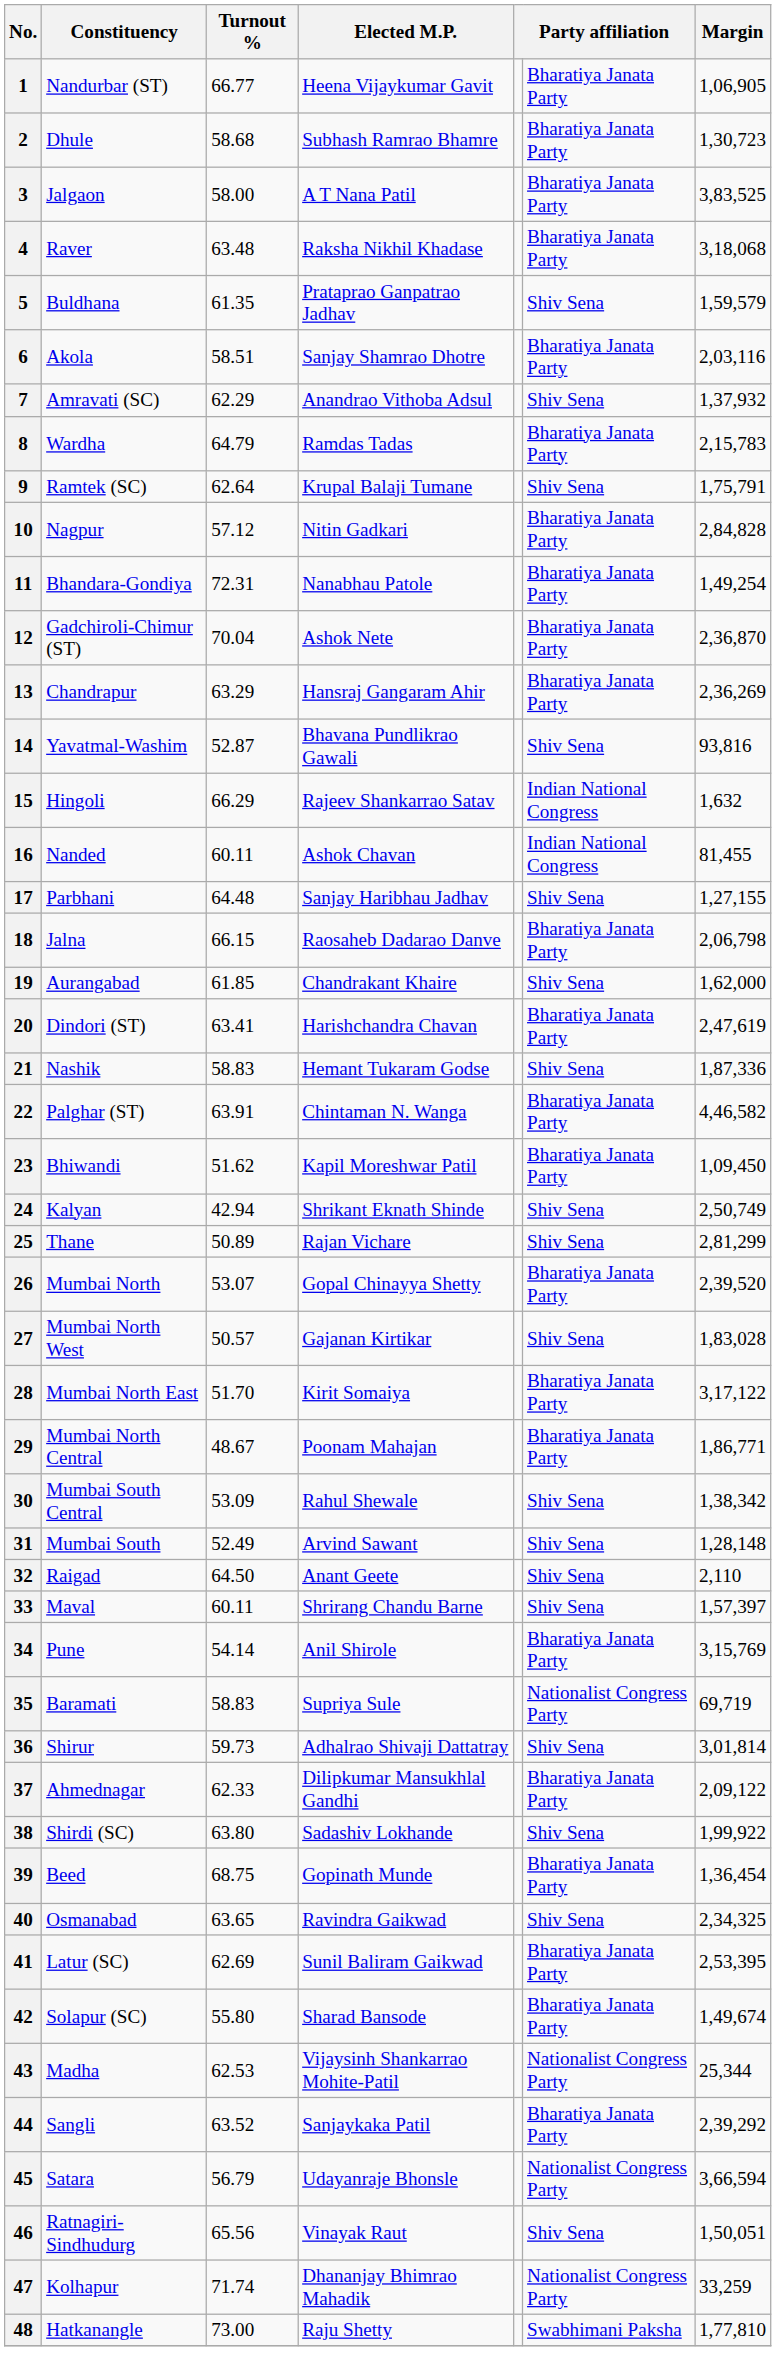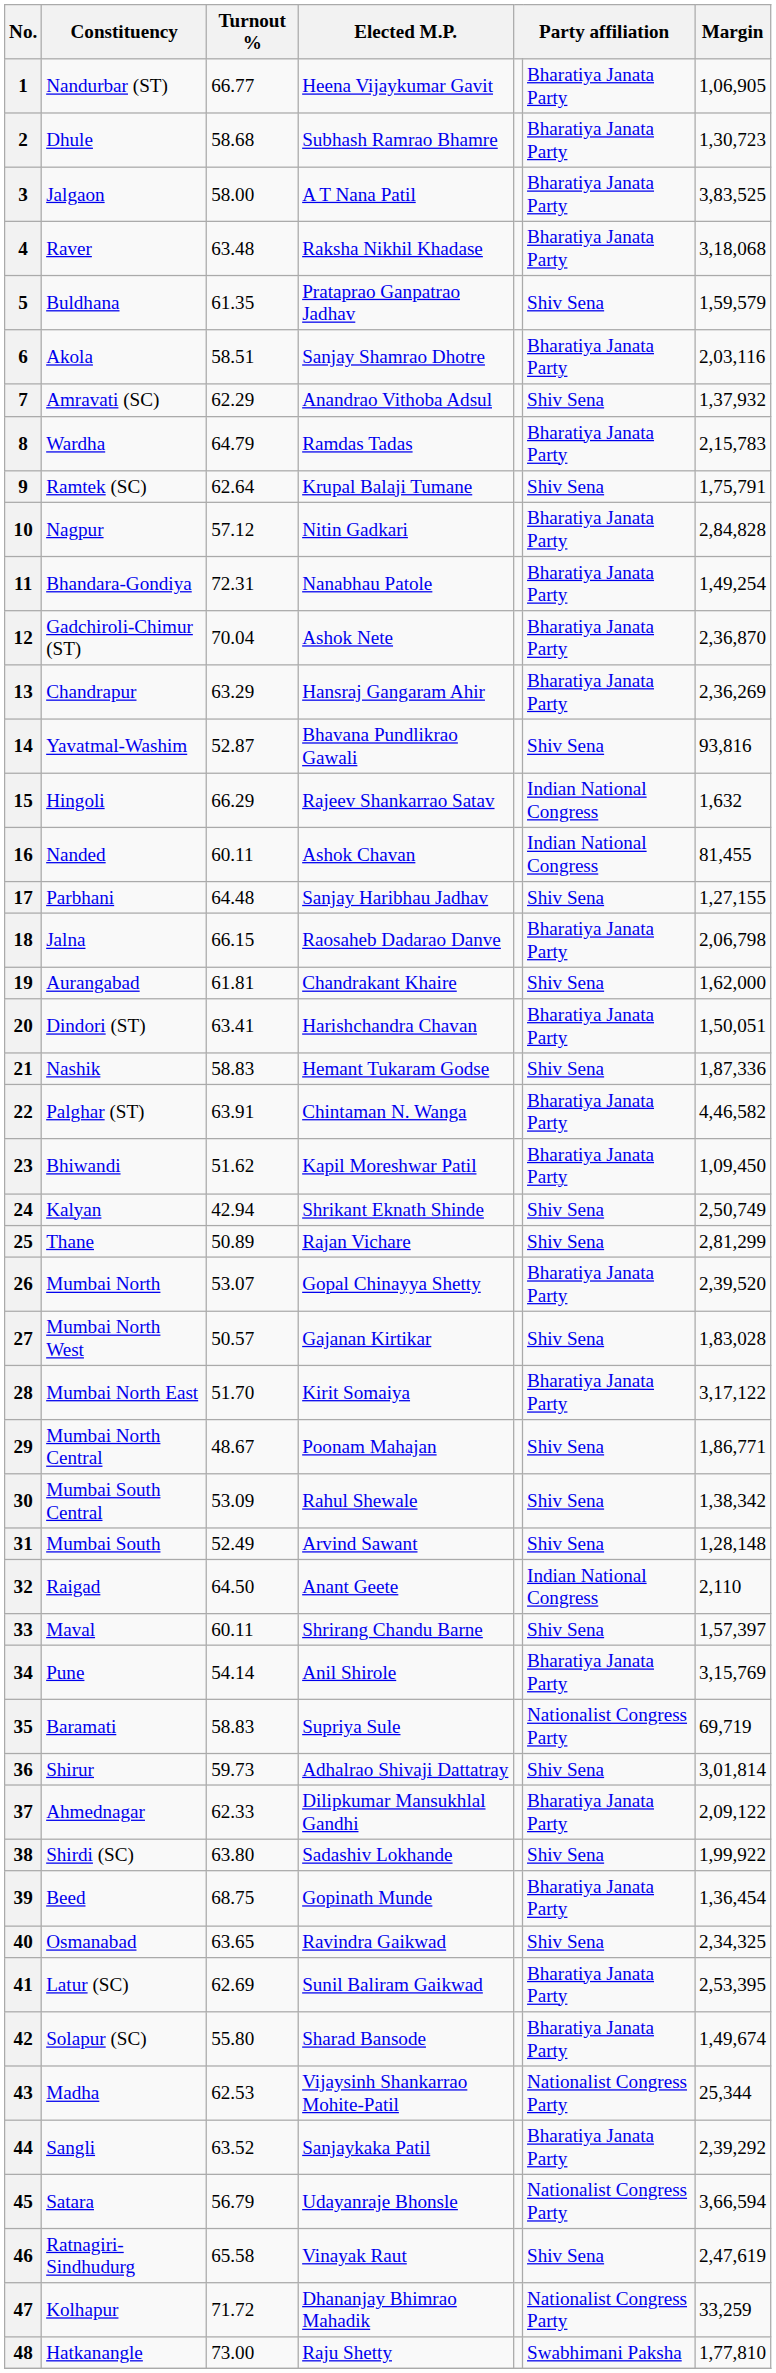 <table class="sortable wikitable" style="font-size: 95%;">
 <tr>
 <th>No.</th>
 <th>Constituency</th>
 <th>Turnout %</th>
 <th>Elected M.P.</th>
 <th colspan="2">Party affiliation</th>
 <th>Margin</th>
 </tr>
 <tr>
 <th>1</th>
 <td><a href='#'>Nandurbar</a> (ST)</td>
 <td>66.77 </td>
 <td><a href='#'>Heena Vijaykumar Gavit</a></td>
 <td style="background-color:"></td>
 <td><a href='#'>Bharatiya Janata Party</a></td>
 <td>1,06,905</td>
 </tr>
 <tr>
 <th>2</th>
 <td><a href='#'>Dhule</a></td>
 <td>58.68 </td>
 <td><a href='#'>Subhash Ramrao Bhamre</a></td>
 <td style="background-color:"></td>
 <td><a href='#'>Bharatiya Janata Party</a></td>
 <td>1,30,723</td>
 </tr>
 <tr>
 <th>3</th>
 <td><a href='#'>Jalgaon</a></td>
 <td>58.00 </td>
 <td><a href='#'>A T Nana Patil</a></td>
 <td style="background-color:"></td>
 <td><a href='#'>Bharatiya Janata Party</a></td>
 <td>3,83,525</td>
 </tr>
 <tr>
 <th>4</th>
 <td><a href='#'>Raver</a></td>
 <td>63.48 </td>
 <td><a href='#'>Raksha Nikhil Khadase</a></td>
 <td style="background-color:"></td>
 <td><a href='#'>Bharatiya Janata Party</a></td>
 <td>3,18,068</td>
 </tr>
 <tr>
 <th>5</th>
 <td><a href='#'>Buldhana</a></td>
 <td>61.35 </td>
 <td><a href='#'>Prataprao Ganpatrao Jadhav</a></td>
 <td style="background-color: "></td>
 <td><a href='#'>Shiv Sena</a></td>
 <td>1,59,579</td>
 </tr>
 <tr>
 <th>6</th>
 <td><a href='#'>Akola</a></td>
 <td>58.51 </td>
 <td><a href='#'>Sanjay Shamrao Dhotre</a></td>
 <td style="background-color:"></td>
 <td><a href='#'>Bharatiya Janata Party</a></td>
 <td>2,03,116</td>
 </tr>
 <tr>
 <th>7</th>
 <td><a href='#'>Amravati</a> (SC)</td>
 <td>62.29 </td>
 <td><a href='#'>Anandrao Vithoba Adsul</a></td>
 <td style="background-color: "></td>
 <td><a href='#'>Shiv Sena</a></td>
 <td>1,37,932</td>
 </tr>
 <tr>
 <th>8</th>
 <td><a href='#'>Wardha</a></td>
 <td>64.79 </td>
 <td><a href='#'>Ramdas Tadas</a></td>
 <td style="background-color:"></td>
 <td><a href='#'>Bharatiya Janata Party</a></td>
 <td>2,15,783</td>
 </tr>
 <tr>
 <th>9</th>
 <td><a href='#'>Ramtek</a> (SC)</td>
 <td>62.64 </td>
 <td><a href='#'>Krupal Balaji Tumane</a></td>
 <td style="background-color: "></td>
 <td><a href='#'>Shiv Sena</a></td>
 <td>1,75,791</td>
 </tr>
 <tr>
 <th>10</th>
 <td><a href='#'>Nagpur</a></td>
 <td>57.12 </td>
 <td><a href='#'>Nitin Gadkari</a></td>
 <td style="background-color:"></td>
 <td><a href='#'>Bharatiya Janata Party</a></td>
 <td>2,84,828</td>
 </tr>
 <tr>
 <th>11</th>
 <td><a href='#'>Bhandara-Gondiya</a></td>
 <td>72.31 </td>
 <td><a href='#'>Nanabhau Patole</a></td>
 <td style="background-color:"></td>
 <td><a href='#'>Bharatiya Janata Party</a></td>
 <td>1,49,254</td>
 </tr>
 <tr>
 <th>12</th>
 <td><a href='#'>Gadchiroli-Chimur</a> (ST)</td>
 <td>70.04 </td>
 <td><a href='#'>Ashok Nete</a></td>
 <td style="background-color:"></td>
 <td><a href='#'>Bharatiya Janata Party</a></td>
 <td>2,36,870</td>
 </tr>
 <tr>
 <th>13</th>
 <td><a href='#'>Chandrapur</a></td>
 <td>63.29 </td>
 <td><a href='#'>Hansraj Gangaram Ahir</a></td>
 <td style="background-color:"></td>
 <td><a href='#'>Bharatiya Janata Party</a></td>
 <td>2,36,269</td>
 </tr>
 <tr>
 <th>14</th>
 <td><a href='#'>Yavatmal-Washim</a></td>
 <td>52.87 </td>
 <td><a href='#'>Bhavana Pundlikrao Gawali</a></td>
 <td style="background-color: "></td>
 <td><a href='#'>Shiv Sena</a></td>
 <td>93,816</td>
 </tr>
 <tr>
 <th>15</th>
 <td><a href='#'>Hingoli</a></td>
 <td>66.29 </td>
 <td><a href='#'>Rajeev Shankarrao Satav</a></td>
 <td style="background-color: "></td>
 <td><a href='#'>Indian National Congress</a></td>
 <td>1,632</td>
 </tr>
 <tr>
 <th>16</th>
 <td><a href='#'>Nanded</a></td>
 <td>60.11 </td>
 <td><a href='#'>Ashok Chavan</a></td>
 <td style="background-color: "></td>
 <td><a href='#'>Indian National Congress</a></td>
 <td>81,455</td>
 </tr>
 <tr>
 <th>17</th>
 <td><a href='#'>Parbhani</a></td>
 <td>64.48 </td>
 <td><a href='#'>Sanjay Haribhau Jadhav</a></td>
 <td style="background-color: "></td>
 <td><a href='#'>Shiv Sena</a></td>
 <td>1,27,155</td>
 </tr>
 <tr>
 <th>18</th>
 <td><a href='#'>Jalna</a></td>
 <td>66.15 </td>
 <td><a href='#'>Raosaheb Dadarao Danve</a></td>
 <td style="background-color:"></td>
 <td><a href='#'>Bharatiya Janata Party</a></td>
 <td>2,06,798</td>
 </tr>
 <tr>
 <th>19</th>
 <td><a href='#'>Aurangabad</a></td>
-<td>61.85 </td>
+<td>61.81 </td>
 <td><a href='#'>Chandrakant Khaire</a></td>
 <td style="background-color: "></td>
 <td><a href='#'>Shiv Sena</a></td>
 <td>1,62,000</td>
 </tr>
 <tr>
 <th>20</th>
 <td><a href='#'>Dindori</a> (ST)</td>
 <td>63.41 </td>
 <td><a href='#'>Harishchandra Chavan</a></td>
 <td style="background-color:"></td>
 <td><a href='#'>Bharatiya Janata Party</a></td>
-<td>2,47,619</td>
+<td>1,50,051</td>
 </tr>
 <tr>
 <th>21</th>
 <td><a href='#'>Nashik</a></td>
 <td>58.83 </td>
 <td><a href='#'>Hemant Tukaram Godse</a></td>
 <td style="background-color: "></td>
 <td><a href='#'>Shiv Sena</a></td>
 <td>1,87,336</td>
 </tr>
 <tr>
 <th>22</th>
 <td><a href='#'>Palghar</a> (ST)</td>
 <td>63.91 </td>
 <td><a href='#'>Chintaman N. Wanga</a></td>
 <td style="background-color:"></td>
 <td><a href='#'>Bharatiya Janata Party</a></td>
 <td>4,46,582</td>
 </tr>
 <tr>
 <th>23</th>
 <td><a href='#'>Bhiwandi</a></td>
 <td>51.62 </td>
 <td><a href='#'>Kapil Moreshwar Patil</a></td>
 <td style="background-color:"></td>
 <td><a href='#'>Bharatiya Janata Party</a></td>
 <td>1,09,450</td>
 </tr>
 <tr>
 <th>24</th>
 <td><a href='#'>Kalyan</a></td>
 <td>42.94 </td>
 <td><a href='#'>Shrikant Eknath Shinde</a></td>
 <td style="background-color: "></td>
 <td><a href='#'>Shiv Sena</a></td>
 <td>2,50,749</td>
 </tr>
 <tr>
 <th>25</th>
 <td><a href='#'>Thane</a></td>
 <td>50.89 </td>
 <td><a href='#'>Rajan Vichare</a></td>
 <td style="background-color: "></td>
 <td><a href='#'>Shiv Sena</a></td>
 <td>2,81,299</td>
 </tr>
 <tr>
 <th>26</th>
 <td><a href='#'>Mumbai North</a></td>
 <td>53.07 </td>
 <td><a href='#'>Gopal Chinayya Shetty</a></td>
 <td style="background-color:"></td>
 <td><a href='#'>Bharatiya Janata Party</a></td>
 <td>2,39,520</td>
 </tr>
 <tr>
 <th>27</th>
 <td><a href='#'>Mumbai North West</a></td>
 <td>50.57 </td>
 <td><a href='#'>Gajanan Kirtikar</a></td>
 <td style="background-color: "></td>
 <td><a href='#'>Shiv Sena</a></td>
 <td>1,83,028</td>
 </tr>
 <tr>
 <th>28</th>
 <td><a href='#'>Mumbai North East</a></td>
 <td>51.70 </td>
 <td><a href='#'>Kirit Somaiya</a></td>
 <td style="background-color:"></td>
 <td><a href='#'>Bharatiya Janata Party</a></td>
 <td>3,17,122</td>
 </tr>
 <tr>
 <th>29</th>
 <td><a href='#'>Mumbai North Central</a></td>
 <td>48.67 </td>
 <td><a href='#'>Poonam Mahajan</a></td>
 <td style="background-color:"></td>
-<td><a href='#'>Bharatiya Janata Party</a></td>
+<td><a href='#'>Shiv Sena</a></td>
 <td>1,86,771</td>
 </tr>
 <tr>
 <th>30</th>
 <td><a href='#'>Mumbai South Central</a></td>
 <td>53.09 </td>
 <td><a href='#'>Rahul Shewale</a></td>
 <td style="background-color: "></td>
 <td><a href='#'>Shiv Sena</a></td>
 <td>1,38,342</td>
 </tr>
 <tr>
 <th>31</th>
 <td><a href='#'>Mumbai South</a></td>
 <td>52.49 </td>
 <td><a href='#'>Arvind Sawant</a></td>
 <td style="background-color: "></td>
 <td><a href='#'>Shiv Sena</a></td>
 <td>1,28,148</td>
 </tr>
 <tr>
 <th>32</th>
 <td><a href='#'>Raigad</a></td>
 <td>64.50 </td>
 <td><a href='#'>Anant Geete</a></td>
 <td style="background-color: "></td>
-<td><a href='#'>Shiv Sena</a></td>
+<td><a href='#'>Indian National Congress</a></td>
 <td>2,110</td>
 </tr>
 <tr>
 <th>33</th>
 <td><a href='#'>Maval</a></td>
 <td>60.11 </td>
 <td><a href='#'>Shrirang Chandu Barne</a></td>
 <td style="background-color: "></td>
 <td><a href='#'>Shiv Sena</a></td>
 <td>1,57,397</td>
 </tr>
 <tr>
 <th>34</th>
 <td><a href='#'>Pune</a></td>
 <td>54.14 </td>
 <td><a href='#'>Anil Shirole</a></td>
 <td style="background-color:"></td>
 <td><a href='#'>Bharatiya Janata Party</a></td>
 <td>3,15,769</td>
 </tr>
 <tr>
 <th>35</th>
 <td><a href='#'>Baramati</a></td>
 <td>58.83 </td>
 <td><a href='#'>Supriya Sule</a></td>
 <td style="background-color: "></td>
 <td><a href='#'>Nationalist Congress Party</a></td>
 <td>69,719</td>
 </tr>
 <tr>
 <th>36</th>
 <td><a href='#'>Shirur</a></td>
 <td>59.73 </td>
 <td><a href='#'>Adhalrao Shivaji Dattatray</a></td>
 <td style="background-color: "></td>
 <td><a href='#'>Shiv Sena</a></td>
 <td>3,01,814</td>
 </tr>
 <tr>
 <th>37</th>
 <td><a href='#'>Ahmednagar</a></td>
 <td>62.33 </td>
 <td><a href='#'>Dilipkumar Mansukhlal Gandhi</a></td>
 <td style="background-color:"></td>
 <td><a href='#'>Bharatiya Janata Party</a></td>
 <td>2,09,122</td>
 </tr>
 <tr>
 <th>38</th>
 <td><a href='#'>Shirdi</a> (SC)</td>
 <td>63.80 </td>
 <td><a href='#'>Sadashiv Lokhande</a></td>
 <td style="background-color: "></td>
 <td><a href='#'>Shiv Sena</a></td>
 <td>1,99,922</td>
 </tr>
 <tr>
 <th>39</th>
 <td><a href='#'>Beed</a></td>
 <td>68.75 </td>
 <td><a href='#'>Gopinath Munde</a></td>
 <td style="background-color:"></td>
 <td><a href='#'>Bharatiya Janata Party</a></td>
 <td>1,36,454</td>
 </tr>
 <tr>
 <th>40</th>
 <td><a href='#'>Osmanabad</a></td>
 <td>63.65 </td>
 <td><a href='#'>Ravindra Gaikwad</a></td>
 <td style="background-color: "></td>
 <td><a href='#'>Shiv Sena</a></td>
 <td>2,34,325</td>
 </tr>
 <tr>
 <th>41</th>
 <td><a href='#'>Latur</a> (SC)</td>
 <td>62.69 </td>
 <td><a href='#'>Sunil Baliram Gaikwad</a></td>
 <td style="background-color:"></td>
 <td><a href='#'>Bharatiya Janata Party</a></td>
 <td>2,53,395</td>
 </tr>
 <tr>
 <th>42</th>
 <td><a href='#'>Solapur</a> (SC)</td>
 <td>55.80 </td>
 <td><a href='#'>Sharad Bansode</a></td>
 <td style="background-color:"></td>
 <td><a href='#'>Bharatiya Janata Party</a></td>
 <td>1,49,674</td>
 </tr>
 <tr>
 <th>43</th>
 <td><a href='#'>Madha</a></td>
 <td>62.53 </td>
 <td><a href='#'>Vijaysinh Shankarrao Mohite-Patil</a></td>
 <td style="background-color: "></td>
 <td><a href='#'>Nationalist Congress Party</a></td>
 <td>25,344</td>
 </tr>
 <tr>
 <th>44</th>
 <td><a href='#'>Sangli</a></td>
 <td>63.52 </td>
 <td><a href='#'>Sanjaykaka Patil</a></td>
 <td style="background-color:"></td>
 <td><a href='#'>Bharatiya Janata Party</a></td>
 <td>2,39,292</td>
 </tr>
 <tr>
 <th>45</th>
 <td><a href='#'>Satara</a></td>
 <td>56.79 </td>
 <td><a href='#'>Udayanraje Bhonsle</a></td>
 <td style="background-color: "></td>
 <td><a href='#'>Nationalist Congress Party</a></td>
 <td>3,66,594</td>
 </tr>
 <tr>
 <th>46</th>
 <td><a href='#'>Ratnagiri-Sindhudurg</a></td>
-<td>65.56 </td>
+<td>65.58 </td>
 <td><a href='#'>Vinayak Raut</a></td>
 <td style="background-color: "></td>
 <td><a href='#'>Shiv Sena</a></td>
-<td>1,50,051</td>
+<td>2,47,619</td>
 </tr>
 <tr>
 <th>47</th>
 <td><a href='#'>Kolhapur</a></td>
-<td>71.74 </td>
+<td>71.72 </td>
 <td><a href='#'>Dhananjay Bhimrao Mahadik</a></td>
 <td style="background-color: "></td>
 <td><a href='#'>Nationalist Congress Party</a></td>
 <td>33,259</td>
 </tr>
 <tr>
 <th>48</th>
 <td><a href='#'>Hatkanangle</a></td>
 <td>73.00 </td>
 <td><a href='#'>Raju Shetty</a></td>
 <td style="background-color: "></td>
 <td><a href='#'>Swabhimani Paksha</a></td>
 <td>1,77,810</td>
 </tr>
 <tr>
 </tr>
 </table>
